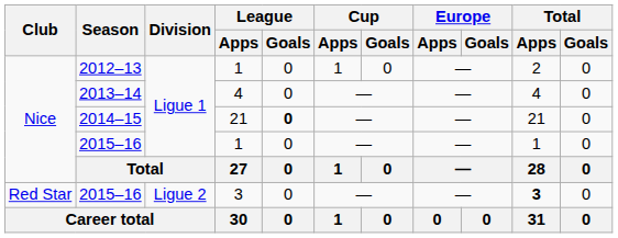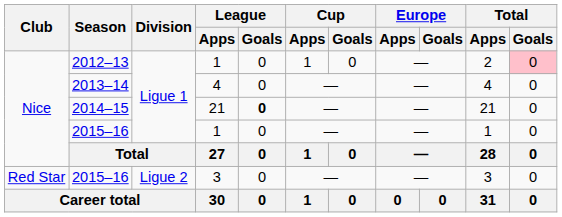 <table class="wikitable" style="text-align:center">
 <tr>
 <th rowspan="2">Club</th>
 <th rowspan="2">Season</th>
 <th rowspan="2">Division</th>
 <th colspan="2">League</th>
 <th colspan="2">Cup</th>
 <th colspan="2"><a href='#'>Europe</a></th>
 <th colspan="2">Total</th>
 </tr>
 <tr>
 <th>Apps</th>
 <th>Goals</th>
 <th>Apps</th>
 <th>Goals</th>
 <th>Apps</th>
 <th>Goals</th>
 <th>Apps</th>
 <th>Goals</th>
 </tr>
 <tr>
 <td rowspan="5"><a href='#'>Nice</a></td>
 <td><a href='#'>2012–13</a></td>
 <td rowspan="4"><a href='#'>Ligue 1</a></td>
 <td>1</td>
 <td>0</td>
 <td>1</td>
 <td>0</td>
 <td colspan="2">—</td>
 <td>2</td>
-<td>0</td>
+<td style="background: pink;">0</td>
 </tr>
 <tr>
 <td><a href='#'>2013–14</a></td>
 <td>4</td>
 <td>0</td>
 <td colspan="2">—</td>
 <td colspan="2">—</td>
 <td>4</td>
 <td>0</td>
 </tr>
 <tr>
 <td><a href='#'>2014–15</a></td>
 <td>21</td>
 <td><strong>0</strong></td>
 <td colspan="2">—</td>
 <td colspan="2">—</td>
 <td>21</td>
 <td>0</td>
 </tr>
 <tr>
 <td><a href='#'>2015–16</a></td>
 <td>1</td>
 <td>0</td>
 <td colspan="2">—</td>
 <td colspan="2">—</td>
 <td>1</td>
 <td>0</td>
 </tr>
 <tr>
 <th colspan="2">Total</th>
 <th>27</th>
 <th>0</th>
 <th>1</th>
 <th>0</th>
 <th colspan="2">—</th>
 <th>28</th>
 <th>0</th>
 </tr>
 <tr>
 <td rowspan=1><a href='#'>Red Star</a></td>
 <td><a href='#'>2015–16</a></td>
 <td rowspan=1><a href='#'>Ligue 2</a></td>
 <td>3</td>
 <td>0</td>
 <td colspan="2">—</td>
 <td colspan="2">—</td>
-<td><strong>3</strong></td>
+<td>3</td>
 <td>0</td>
 </tr>
 <tr>
 <th colspan="3">Career total</th>
 <th>30</th>
 <th>0</th>
 <th>1</th>
 <th>0</th>
 <th>0</th>
 <th>0</th>
 <th>31</th>
 <th>0</th>
 </tr>
 </table>
